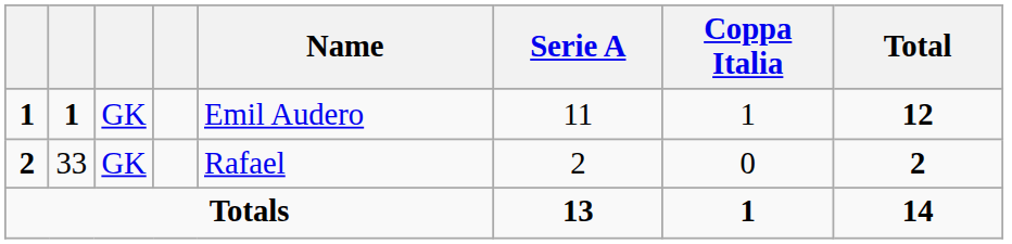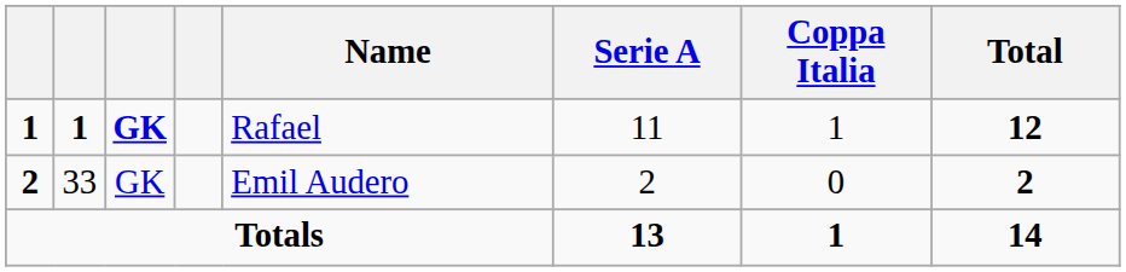 <table class="wikitable" style="text-align:center">
 <tr>
 <th width=15></th>
 <th width=15></th>
 <th width=15></th>
 <th width=15></th>
 <th width=145>Name</th>
 <th width=80><strong><a href='#'>Serie A</a></strong></th>
 <th width=80><strong><a href='#'>Coppa Italia</a></strong></th>
 <th width=80>Total</th>
 </tr>
 <tr>
 <td><strong>1</strong></td>
 <td><strong>1</strong></td>
-<td><a href='#'>GK</a></td>
+<td><strong><a href='#'>GK</a></strong></td>
 <td></td>
-<td align=left><a href='#'>Emil Audero</a></td>
+<td align=left><a href='#'>Rafael</a></td>
 <td>11</td>
 <td>1</td>
 <td><strong>12</strong></td>
 </tr>
 <tr>
 <td><strong>2</strong></td>
 <td>33</td>
 <td><a href='#'>GK</a></td>
 <td></td>
-<td align=left><a href='#'>Rafael</a></td>
+<td align=left><a href='#'>Emil Audero</a></td>
 <td>2</td>
 <td>0</td>
 <td><strong>2</strong></td>
 </tr>
 <tr>
 <td colspan=5><strong>Totals</strong></td>
 <td><strong>13</strong></td>
 <td><strong>1</strong></td>
 <td><strong>14</strong></td>
 </tr>
 </table>
